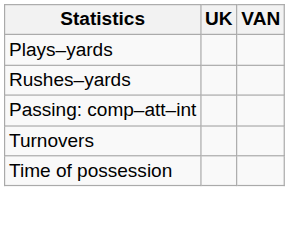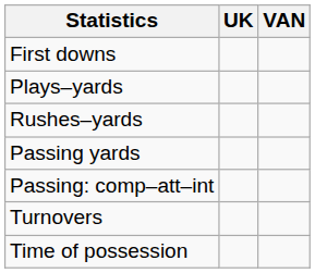 <table class="wikitable" style="float:left">
 <tr>
 <th>Statistics</th>
 <th>UK</th>
 <th>VAN</th>
+</tr>
+<tr>
+<td>First downs</td>
+<td></td>
+<td></td>
 </tr>
 <tr>
 <td>Plays–yards</td>
 <td></td>
 <td></td>
 </tr>
 <tr>
 <td>Rushes–yards</td>
+<td></td>
+<td></td>
+</tr>
+<tr>
+<td>Passing yards</td>
 <td></td>
 <td></td>
 </tr>
 <tr>
 <td>Passing: comp–att–int</td>
 <td></td>
 <td></td>
 </tr>
 <tr>
 <td>Turnovers</td>
 <td></td>
 <td></td>
 </tr>
 <tr>
 <td>Time of possession</td>
 <td></td>
 <td></td>
 </tr>
 </table>
